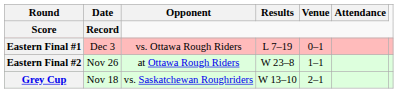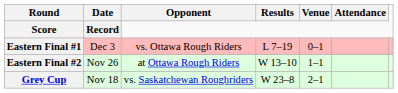 <table class="wikitable" style="text-align:center">
 <tr>
 <th>Round</th>
 <th>Date</th>
 <th>Opponent</th>
 <th>Results</th>
 <th>Venue</th>
 <th>Attendance</th>
 </tr>
 <tr>
 <th>Score</th>
 <th>Record</th>
 </tr>
 <tr style="background:#ffbbbb">
 <th>Eastern Final #1</th>
 <td>Dec 3</td>
 <td>vs. Ottawa Rough Riders</td>
 <td>L 7–19</td>
 <td>0–1</td>
 <td></td>
 <td></td>
 </tr>
 <tr style="background:#ddffdd">
 <th>Eastern Final #2</th>
 <td>Nov 26</td>
 <td>at <a href='#'>Ottawa Rough Riders</a></td>
-<td>W 23–8</td>
+<td>W 13–10</td>
 <td>1–1</td>
 <td></td>
 <td></td>
 </tr>
 <tr style="background:#ddffdd">
 <th><a href='#'>Grey Cup</a></th>
 <td>Nov 18</td>
 <td>vs. <a href='#'>Saskatchewan Roughriders</a></td>
-<td>W 13–10</td>
+<td>W 23–8</td>
 <td>2–1</td>
 <td></td>
 <td></td>
 </tr>
 </table>
